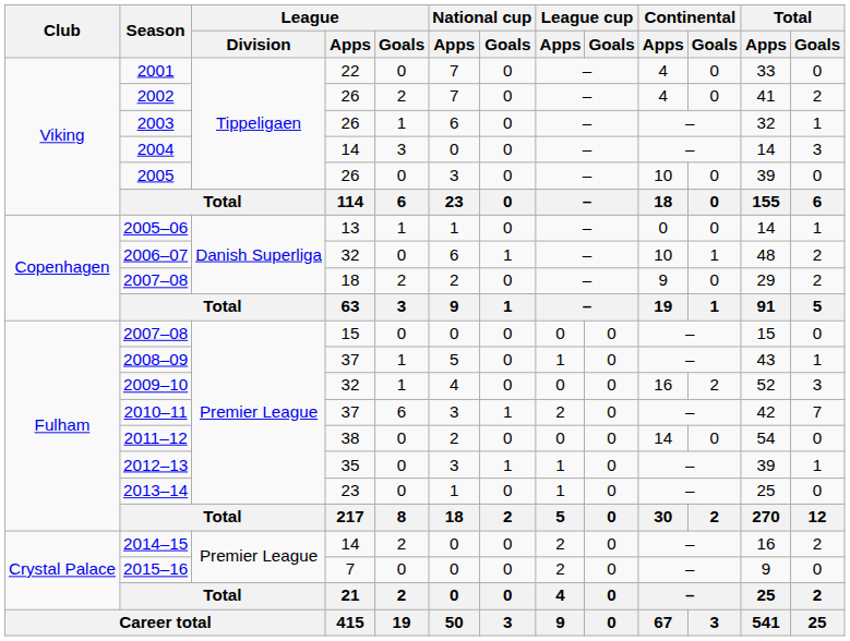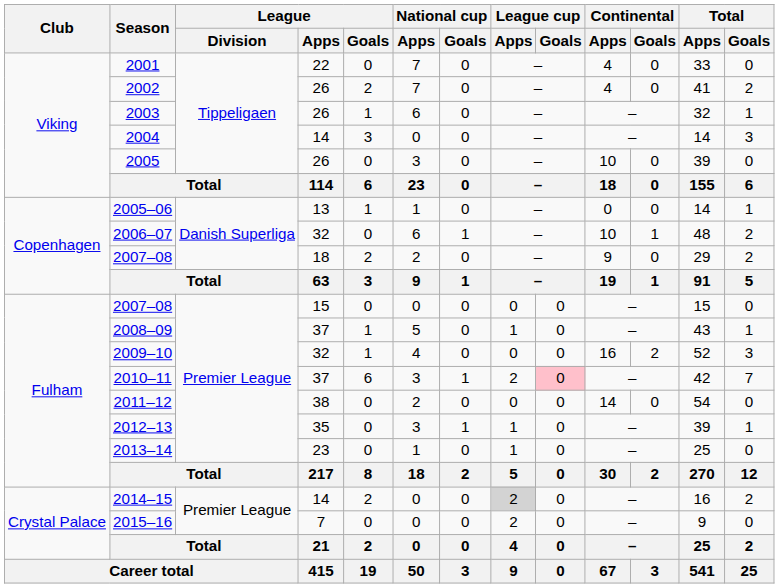 <table class="wikitable" style="text-align:center">
 <tr>
 <th rowspan="2">Club</th>
 <th rowspan="2">Season</th>
 <th colspan="3">League</th>
 <th colspan="2">National cup</th>
 <th colspan="2">League cup</th>
 <th colspan="2">Continental</th>
 <th colspan="2">Total</th>
 </tr>
 <tr>
 <th>Division</th>
 <th>Apps</th>
 <th>Goals</th>
 <th>Apps</th>
 <th>Goals</th>
 <th>Apps</th>
 <th>Goals</th>
 <th>Apps</th>
 <th>Goals</th>
 <th>Apps</th>
 <th>Goals</th>
 </tr>
 <tr>
 <td rowspan="6"><a href='#'>Viking</a></td>
 <td><a href='#'>2001</a></td>
 <td rowspan="5"><a href='#'>Tippeligaen</a></td>
 <td>22</td>
 <td>0</td>
 <td>7</td>
 <td>0</td>
 <td colspan="2">–</td>
 <td>4</td>
 <td>0</td>
 <td>33</td>
 <td>0</td>
 </tr>
 <tr>
 <td><a href='#'>2002</a></td>
 <td>26</td>
 <td>2</td>
 <td>7</td>
 <td>0</td>
 <td colspan="2">–</td>
 <td>4</td>
 <td>0</td>
 <td>41</td>
 <td>2</td>
 </tr>
 <tr>
 <td><a href='#'>2003</a></td>
 <td>26</td>
 <td>1</td>
 <td>6</td>
 <td>0</td>
 <td colspan="2">–</td>
 <td colspan="2">–</td>
 <td>32</td>
 <td>1</td>
 </tr>
 <tr>
 <td><a href='#'>2004</a></td>
 <td>14</td>
 <td>3</td>
 <td>0</td>
 <td>0</td>
 <td colspan="2">–</td>
 <td colspan="2">–</td>
 <td>14</td>
 <td>3</td>
 </tr>
 <tr>
 <td><a href='#'>2005</a></td>
 <td>26</td>
 <td>0</td>
 <td>3</td>
 <td>0</td>
 <td colspan="2">–</td>
 <td>10</td>
 <td>0</td>
 <td>39</td>
 <td>0</td>
 </tr>
 <tr>
 <th colspan="2">Total</th>
 <th>114</th>
 <th>6</th>
 <th>23</th>
 <th>0</th>
 <th colspan="2">–</th>
 <th>18</th>
 <th>0</th>
 <th>155</th>
 <th>6</th>
 </tr>
 <tr>
 <td rowspan="4"><a href='#'>Copenhagen</a></td>
 <td><a href='#'>2005–06</a></td>
 <td rowspan="3"><a href='#'>Danish Superliga</a></td>
 <td>13</td>
 <td>1</td>
 <td>1</td>
 <td>0</td>
 <td colspan="2">–</td>
 <td>0</td>
 <td>0</td>
 <td>14</td>
 <td>1</td>
 </tr>
 <tr>
 <td><a href='#'>2006–07</a></td>
 <td>32</td>
 <td>0</td>
 <td>6</td>
 <td>1</td>
 <td colspan="2">–</td>
 <td>10</td>
 <td>1</td>
 <td>48</td>
 <td>2</td>
 </tr>
 <tr>
 <td><a href='#'>2007–08</a></td>
 <td>18</td>
 <td>2</td>
 <td>2</td>
 <td>0</td>
 <td colspan="2">–</td>
 <td>9</td>
 <td>0</td>
 <td>29</td>
 <td>2</td>
 </tr>
 <tr>
 <th colspan="2">Total</th>
 <th>63</th>
 <th>3</th>
 <th>9</th>
 <th>1</th>
 <th colspan="2">–</th>
 <th>19</th>
 <th>1</th>
 <th>91</th>
 <th>5</th>
 </tr>
 <tr>
 <td rowspan="8"><a href='#'>Fulham</a></td>
 <td><a href='#'>2007–08</a></td>
 <td rowspan="7"><a href='#'>Premier League</a></td>
 <td>15</td>
 <td>0</td>
 <td>0</td>
 <td>0</td>
 <td>0</td>
 <td>0</td>
 <td colspan="2">–</td>
 <td>15</td>
 <td>0</td>
 </tr>
 <tr>
 <td><a href='#'>2008–09</a></td>
 <td>37</td>
 <td>1</td>
 <td>5</td>
 <td>0</td>
 <td>1</td>
 <td>0</td>
 <td colspan="2">–</td>
 <td>43</td>
 <td>1</td>
 </tr>
 <tr>
 <td><a href='#'>2009–10</a></td>
 <td>32</td>
 <td>1</td>
 <td>4</td>
 <td>0</td>
 <td>0</td>
 <td>0</td>
 <td>16</td>
 <td>2</td>
 <td>52</td>
 <td>3</td>
 </tr>
 <tr>
 <td><a href='#'>2010–11</a></td>
 <td>37</td>
 <td>6</td>
 <td>3</td>
 <td>1</td>
 <td>2</td>
-<td>0</td>
+<td style="background: pink;">0</td>
 <td colspan="2">–</td>
 <td>42</td>
 <td>7</td>
 </tr>
 <tr>
 <td><a href='#'>2011–12</a></td>
 <td>38</td>
 <td>0</td>
 <td>2</td>
 <td>0</td>
 <td>0</td>
 <td>0</td>
 <td>14</td>
 <td>0</td>
 <td>54</td>
 <td>0</td>
 </tr>
 <tr>
 <td><a href='#'>2012–13</a></td>
 <td>35</td>
 <td>0</td>
 <td>3</td>
 <td>1</td>
 <td>1</td>
 <td>0</td>
 <td colspan="2">–</td>
 <td>39</td>
 <td>1</td>
 </tr>
 <tr>
 <td><a href='#'>2013–14</a></td>
 <td>23</td>
 <td>0</td>
 <td>1</td>
 <td>0</td>
 <td>1</td>
 <td>0</td>
 <td colspan="2">–</td>
 <td>25</td>
 <td>0</td>
 </tr>
 <tr>
 <th colspan="2">Total</th>
 <th>217</th>
 <th>8</th>
 <th>18</th>
 <th>2</th>
 <th>5</th>
 <th>0</th>
 <th>30</th>
 <th>2</th>
 <th>270</th>
 <th>12</th>
 </tr>
 <tr>
 <td rowspan="3"><a href='#'>Crystal Palace</a></td>
 <td><a href='#'>2014–15</a></td>
 <td rowspan="2">Premier League</td>
 <td>14</td>
 <td>2</td>
 <td>0</td>
 <td>0</td>
-<td>2</td>
+<td style="background: lightgrey;">2</td>
 <td>0</td>
 <td colspan="2">–</td>
 <td>16</td>
 <td>2</td>
 </tr>
 <tr>
 <td><a href='#'>2015–16</a></td>
 <td>7</td>
 <td>0</td>
 <td>0</td>
 <td>0</td>
 <td>2</td>
 <td>0</td>
 <td colspan="2">–</td>
 <td>9</td>
 <td>0</td>
 </tr>
 <tr>
 <th colspan="2">Total</th>
 <th>21</th>
 <th>2</th>
 <th>0</th>
 <th>0</th>
 <th>4</th>
 <th>0</th>
 <th colspan="2">–</th>
 <th>25</th>
 <th>2</th>
 </tr>
 <tr>
 <th colspan="3">Career total</th>
 <th>415</th>
 <th>19</th>
 <th>50</th>
 <th>3</th>
 <th>9</th>
 <th>0</th>
 <th>67</th>
 <th>3</th>
 <th>541</th>
 <th>25</th>
 </tr>
 </table>
